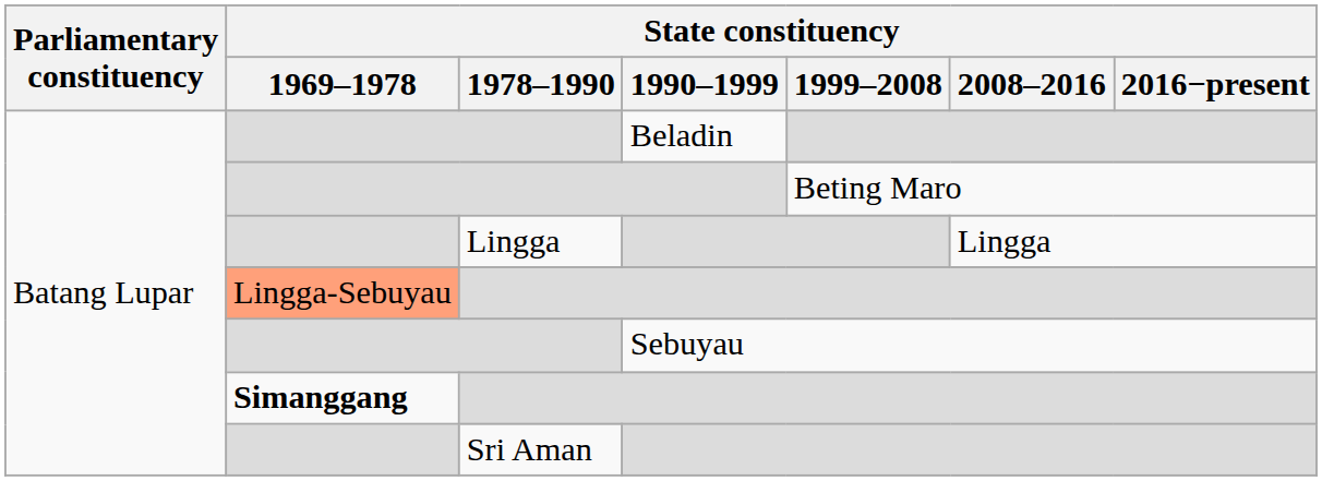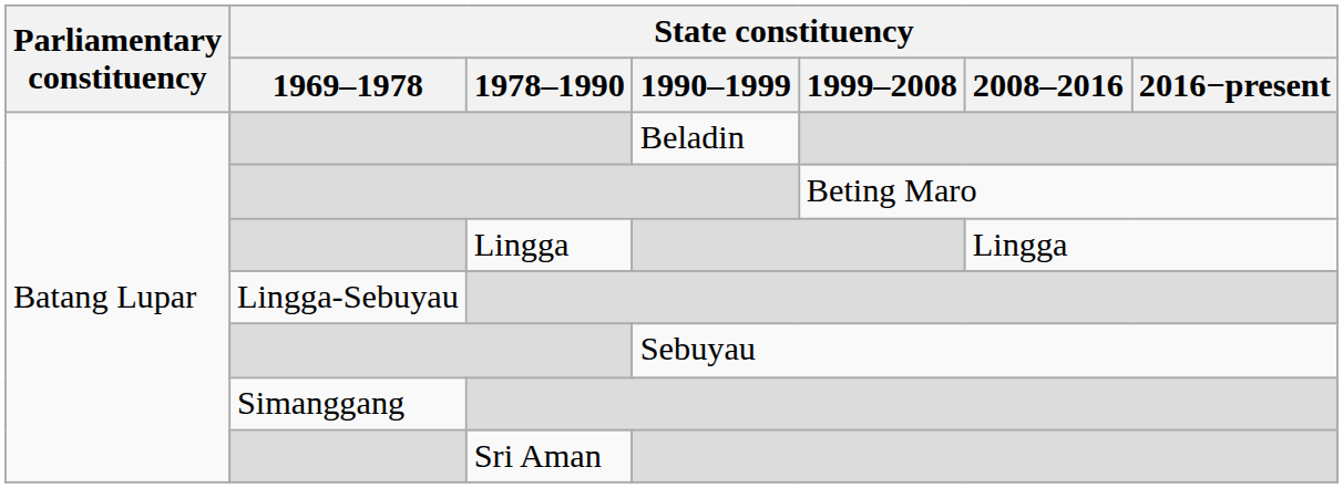 <table class="wikitable">
 <tr>
 <th rowspan="2">Parliamentary<br>constituency</th>
 <th colspan="6">State constituency</th>
 </tr>
 <tr>
 <th>1969–1978</th>
 <th>1978–1990</th>
 <th>1990–1999</th>
 <th>1999–2008</th>
 <th>2008–2016</th>
 <th>2016−present</th>
 </tr>
 <tr>
 <td rowspan="7">Batang Lupar</td>
 <td colspan="2" bgcolor="dcdcdc"></td>
 <td>Beladin</td>
 <td colspan="3" bgcolor="dcdcdc"></td>
 </tr>
 <tr>
 <td colspan="3" bgcolor="dcdcdc"></td>
 <td colspan="3">Beting Maro</td>
 </tr>
 <tr>
 <td bgcolor="dcdcdc"></td>
 <td>Lingga</td>
 <td colspan="2" bgcolor="dcdcdc"></td>
 <td colspan="2">Lingga</td>
 </tr>
 <tr>
-<td style="background: lightsalmon;">Lingga-Sebuyau</td>
+<td>Lingga-Sebuyau</td>
 <td colspan="5" bgcolor="dcdcdc"></td>
 </tr>
 <tr>
 <td colspan="2" bgcolor="dcdcdc"></td>
 <td colspan="4">Sebuyau</td>
 </tr>
 <tr>
-<td><strong>Simanggang</strong></td>
+<td>Simanggang</td>
 <td colspan="5" bgcolor="dcdcdc"></td>
 </tr>
 <tr>
 <td bgcolor="dcdcdc"></td>
 <td>Sri Aman</td>
 <td colspan="4" bgcolor="dcdcdc"></td>
 </tr>
 </table>
